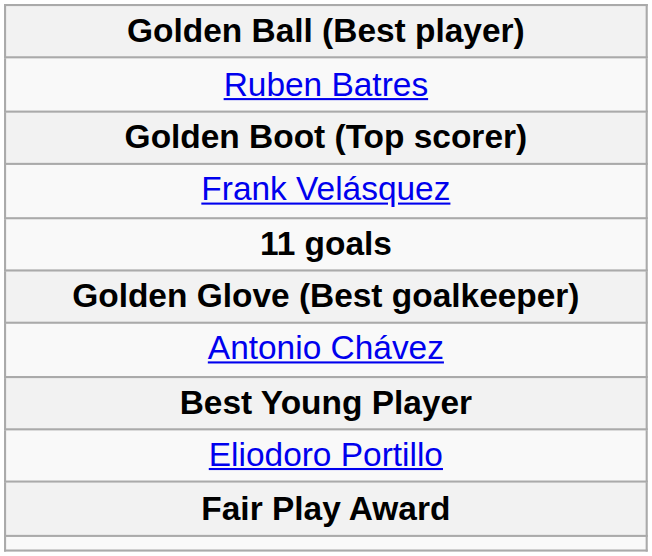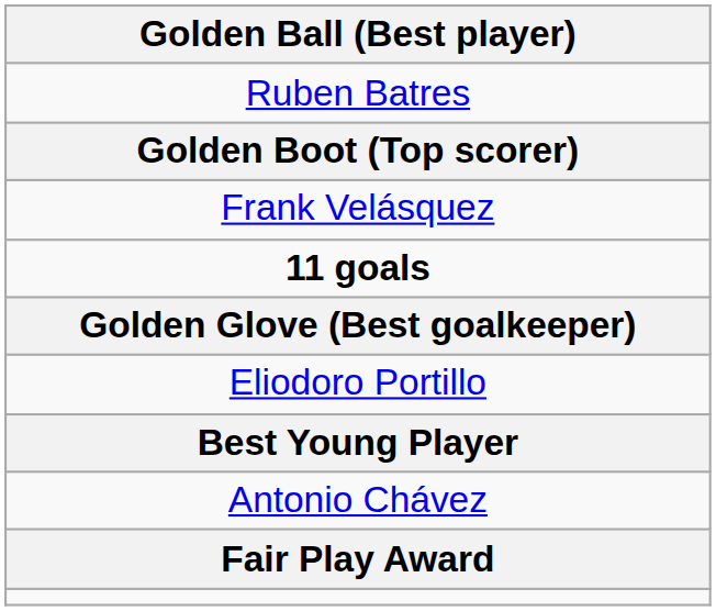 <table class="wikitable" style="margin:1em auto;">
 <tr>
 <th width=300>Golden Ball (Best player)</th>
 </tr>
 <tr>
 <td align=center> <a href='#'>Ruben Batres</a></td>
 </tr>
 <tr>
 <th>Golden Boot (Top scorer)</th>
 </tr>
 <tr>
 <td align=center> <a href='#'>Frank Velásquez</a></td>
 </tr>
 <tr>
 <td align=center><strong>11 goals</strong></td>
 </tr>
 <tr>
 <th>Golden Glove (Best goalkeeper)</th>
 </tr>
 <tr>
-<td align=center> <a href='#'>Antonio Chávez</a></td>
+<td align=center> <a href='#'>Eliodoro Portillo</a></td>
 </tr>
 <tr>
 <th>Best Young Player</th>
 </tr>
 <tr>
-<td align=center> <a href='#'>Eliodoro Portillo</a></td>
+<td align=center> <a href='#'>Antonio Chávez</a></td>
 </tr>
 <tr>
 <th>Fair Play Award</th>
 </tr>
 <tr>
 <td align=center></td>
 </tr>
 </table>
